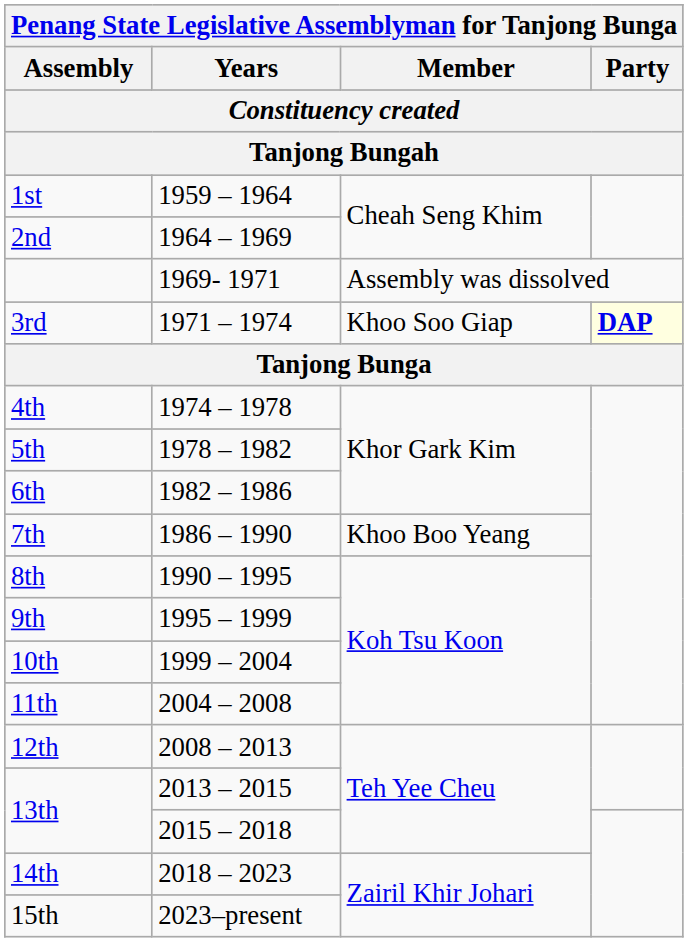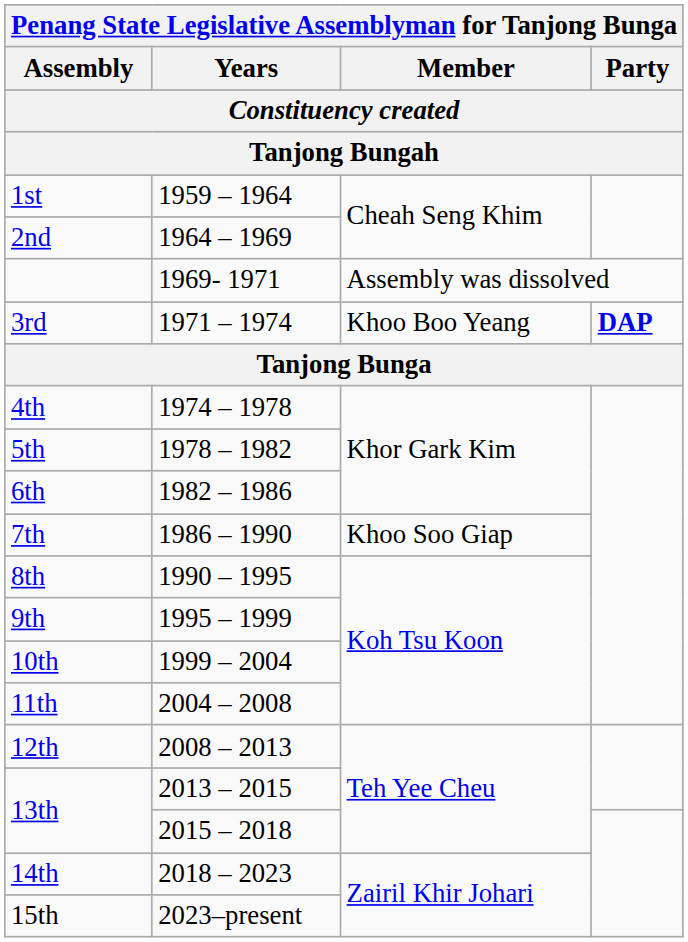 <table class="wikitable">
 <tr>
 <th colspan="4"><a href='#'>Penang State Legislative Assemblyman</a> for Tanjong Bunga</th>
 </tr>
 <tr>
 <th>Assembly</th>
 <th>Years</th>
 <th>Member</th>
 <th>Party</th>
 </tr>
 <tr>
 <th colspan="4" align="center"><em>Constituency created</em></th>
 </tr>
 <tr>
 <th colspan="4">Tanjong Bungah</th>
 </tr>
 <tr>
 <td><a href='#'>1st</a></td>
 <td>1959 – 1964</td>
 <td rowspan="2">Cheah Seng Khim</td>
 <td rowspan="2"></td>
 </tr>
 <tr>
 <td><a href='#'>2nd</a></td>
 <td>1964 – 1969</td>
 </tr>
 <tr>
 <td></td>
 <td>1969- 1971</td>
 <td colspan="2">Assembly was dissolved</td>
 </tr>
 <tr>
 <td><a href='#'>3rd</a></td>
 <td>1971 – 1974</td>
-<td>Khoo Soo Giap</td>
-<td style="background: lightyellow;"><strong><a href='#'>DAP</a></strong></td>
+<td>Khoo Boo Yeang</td>
+<td><strong><a href='#'>DAP</a></strong></td>
 </tr>
 <tr>
 <th colspan="4">Tanjong Bunga</th>
 </tr>
 <tr>
 <td><a href='#'>4th</a></td>
 <td>1974 – 1978</td>
 <td rowspan="3">Khor Gark Kim</td>
 <td rowspan="8"></td>
 </tr>
 <tr>
 <td><a href='#'>5th</a></td>
 <td>1978 – 1982</td>
 </tr>
 <tr>
 <td><a href='#'>6th</a></td>
 <td>1982 – 1986</td>
 </tr>
 <tr>
 <td><a href='#'>7th</a></td>
 <td>1986 – 1990</td>
-<td>Khoo Boo Yeang</td>
+<td>Khoo Soo Giap</td>
 </tr>
 <tr>
 <td><a href='#'>8th</a></td>
 <td>1990 – 1995</td>
 <td rowspan="4"><a href='#'>Koh Tsu Koon</a></td>
 </tr>
 <tr>
 <td><a href='#'>9th</a></td>
 <td>1995 – 1999</td>
 </tr>
 <tr>
 <td><a href='#'>10th</a></td>
 <td>1999 – 2004</td>
 </tr>
 <tr>
 <td><a href='#'>11th</a></td>
 <td>2004 – 2008</td>
 </tr>
 <tr>
 <td><a href='#'>12th</a></td>
 <td>2008 – 2013</td>
 <td rowspan=3><a href='#'>Teh Yee Cheu</a></td>
 <td rowspan="2"></td>
 </tr>
 <tr>
 <td rowspan=2><a href='#'>13th</a></td>
 <td>2013 – 2015</td>
 </tr>
 <tr>
 <td>2015 – 2018</td>
 <td rowspan=3></td>
 </tr>
 <tr>
 <td><a href='#'>14th</a></td>
 <td>2018 – 2023</td>
 <td rowspan=2><a href='#'>Zairil Khir Johari</a></td>
 </tr>
 <tr>
 <td>15th</td>
 <td>2023–present</td>
 </tr>
 </table>
